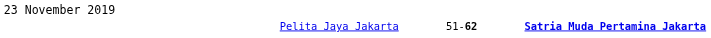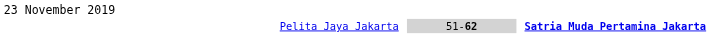 <table cellspacing="1" style="width:100%;">
 <tr>
 <td>23 November 2019</td>
 </tr>
 <tr style="font-size:90%">
 <td align="right"><a href='#'>Pelita Jaya Jakarta</a></td>
 <td></td>
-<td align="center">51-<strong>62</strong></td>
+<td align="center" style="background: lightgrey;">51-<strong>62</strong></td>
 <td></td>
 <td><strong><a href='#'>Satria Muda Pertamina Jakarta</a></strong></td>
 </tr>
 </table>
